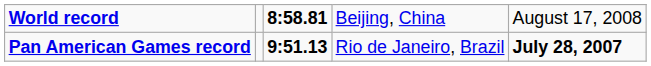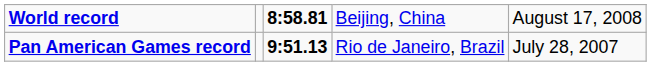 <table class="wikitable">
 <tr>
 <td><strong><a href='#'>World record</a></strong></td>
 <td></td>
 <td><strong>8:58.81</strong></td>
 <td><a href='#'>Beijing</a>, <a href='#'>China</a></td>
 <td>August 17, 2008</td>
 </tr>
 <tr>
 <td><strong><a href='#'>Pan American Games record</a></strong></td>
 <td></td>
 <td><strong>9:51.13</strong></td>
 <td><a href='#'>Rio de Janeiro</a>, <a href='#'>Brazil</a></td>
-<td><strong>July 28, 2007</strong></td>
+<td>July 28, 2007</td>
 </tr>
 </table>
